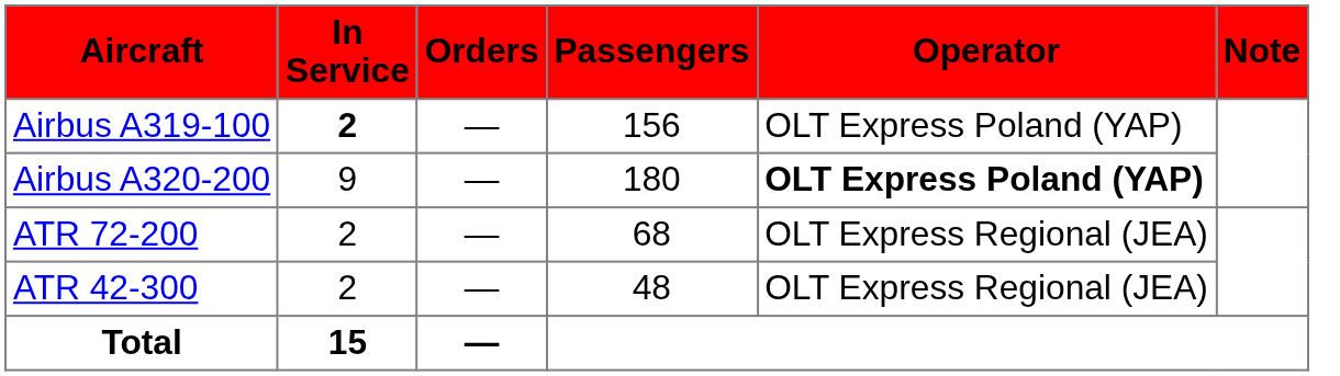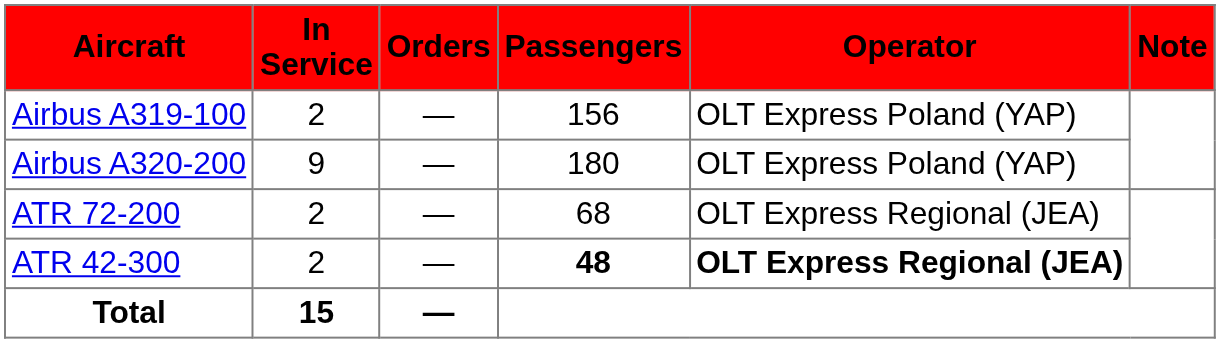 <table class="toccolours" border="1" cellpadding="3" style="border-collapse:collapse">
 <tr>
 <th style="background:red;"><span>Aircraft</span></th>
 <th style="width:25pt; background:red;"><span>In Service</span></th>
 <th style="width:25pt; background:red;"><span>Orders</span></th>
 <th style="background:red;"><span>Passengers</span></th>
 <th style="background:red;"><span>Operator</span></th>
 <th style="background:red;"><span>Note</span></th>
 </tr>
 <tr>
 <td><a href='#'>Airbus A319-100</a></td>
-<td style="text-align: center;"><strong>2</strong></td>
+<td style="text-align: center;">2</td>
 <td style="text-align: center;">—</td>
 <td style="text-align: center;">156</td>
 <td>OLT Express Poland (YAP)</td>
 </tr>
 <tr>
 <td><a href='#'>Airbus A320-200</a></td>
 <td style="text-align: center;">9</td>
 <td style="text-align: center;">—</td>
 <td style="text-align: center;">180</td>
-<td><strong>OLT Express Poland (YAP)</strong></td>
+<td>OLT Express Poland (YAP)</td>
 </tr>
 <tr>
 <td><a href='#'>ATR 72-200</a></td>
 <td style="text-align: center;">2</td>
 <td style="text-align: center;">—</td>
 <td style="text-align: center;">68</td>
 <td>OLT Express Regional (JEA)</td>
 <td rowspan="2"></td>
 </tr>
 <tr>
 <td><a href='#'>ATR 42-300</a></td>
 <td style="text-align: center;">2</td>
 <td style="text-align: center;">—</td>
-<td style="text-align: center;">48</td>
-<td>OLT Express Regional (JEA)</td>
+<td style="text-align: center;"><strong>48</strong></td>
+<td><strong>OLT Express Regional (JEA)</strong></td>
 </tr>
 <tr>
 <th>Total</th>
 <th>15</th>
 <th>—</th>
 <th colspan="7"></th>
 </tr>
 </table>
